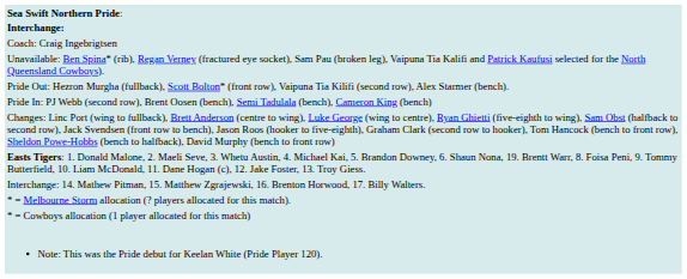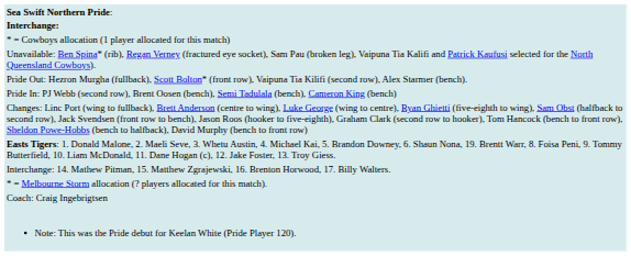 <table style="background:#d7ebed; font-size:85%; width:100%;">
 <tr>
 <td><strong>Sea Swift Northern Pride</strong>:             </td>
 </tr>
 <tr>
 <td><strong>Interchange:    </strong></td>
 </tr>
 <tr>
-<td>Coach: Craig Ingebrigtsen</td>
+<td>* = Cowboys allocation (1 player allocated for this match)</td>
 </tr>
 <tr>
 <td>Unavailable:  <a href='#'>Ben Spina</a>* (rib), <a href='#'>Regan Verney</a> (fractured eye socket), Sam Pau (broken leg), Vaipuna Tia Kalifi and <a href='#'>Patrick Kaufusi</a> selected for the <a href='#'>North Queensland Cowboys</a>).</td>
 </tr>
 <tr>
 <td>Pride Out: Hezron Murgha (fullback), <a href='#'>Scott Bolton</a>* (front row), Vaipuna Tia Kilifi (second row), Alex Starmer (bench).</td>
 </tr>
 <tr>
 <td>Pride In: PJ Webb (second row), Brent Oosen (bench), <a href='#'>Semi Tadulala</a> (bench), <a href='#'>Cameron King</a> (bench)</td>
 </tr>
 <tr>
 <td>Changes: Linc Port (wing to fullback), <a href='#'>Brett Anderson</a> (centre to wing), <a href='#'>Luke George</a> (wing to centre), <a href='#'>Ryan Ghietti</a> (five-eighth to wing), <a href='#'>Sam Obst</a> (halfback to second row), Jack Svendsen (front row to bench), Jason Roos (hooker to five-eighth), Graham Clark (second row to hooker), Tom Hancock (bench to front row), <a href='#'>Sheldon Powe-Hobbs</a> (bench to halfback), David Murphy (bench to front row)</td>
 </tr>
 <tr>
 <td><strong>Easts Tigers</strong>:  1. Donald Malone, 2. Maeli Seve, 3. Whetu Austin, 4. Michael Kai, 5. Brandon Downey, 6. Shaun Nona, 19. Brentt Warr, 8. Foisa Peni, 9. Tommy Butterfield, 10. Liam McDonald, 11. Dane Hogan (c), 12. Jake Foster, 13. Troy Giess.</td>
 </tr>
 <tr>
 <td>Interchange: 14. Mathew Pitman, 15. Matthew Zgrajewski, 16. Brenton Horwood, 17. Billy Walters.</td>
 </tr>
 <tr>
 <td>* = <a href='#'>Melbourne Storm</a> allocation (? players allocated for this match).</td>
 </tr>
 <tr>
-<td>* = Cowboys allocation (1 player allocated for this match)</td>
+<td>Coach: Craig Ingebrigtsen</td>
 </tr>
 <tr>
 <td><br><ul><li>Note: This was the Pride debut for Keelan White (Pride Player 120).</li></ul></td>
 </tr>
 <tr>
 </tr>
 </table>
